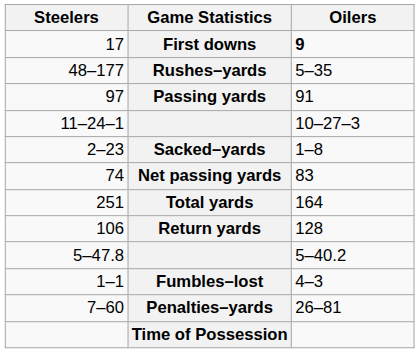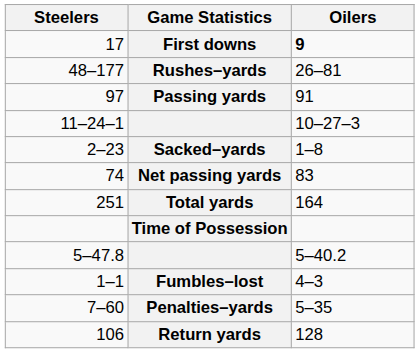 <table class="wikitable" style="margin: 1em auto 1em auto">
 <tr>
 <th style="width:30%;">Steelers</th>
 <th style="width:40%;">Game Statistics</th>
 <th style="width:30%;">Oilers</th>
 </tr>
 <tr>
 <td style="text-align:right;">17</td>
 <th>First downs</th>
 <td><strong>9</strong></td>
 </tr>
 <tr>
 <td style="text-align:right;">48–177</td>
 <th>Rushes–yards</th>
-<td>5–35</td>
+<td>26–81</td>
 </tr>
 <tr>
 <td style="text-align:right;">97</td>
 <th>Passing yards</th>
 <td>91</td>
 </tr>
 <tr>
 <td style="text-align:right;">11–24–1</td>
 <th></th>
 <td>10–27–3</td>
 </tr>
 <tr>
 <td style="text-align:right;">2–23</td>
 <th>Sacked–yards</th>
 <td>1–8</td>
 </tr>
 <tr>
 <td style="text-align:right;">74</td>
 <th>Net passing yards</th>
 <td>83</td>
 </tr>
 <tr>
 <td style="text-align:right;">251</td>
 <th>Total yards</th>
 <td>164</td>
 </tr>
 <tr>
-<td style="text-align:right;">106</td>
-<th>Return yards</th>
-<td>128</td>
+<td style="text-align:right;"></td>
+<th>Time of Possession</th>
+<td></td>
 </tr>
 <tr>
 <td style="text-align:right;">5–47.8</td>
 <th></th>
 <td>5–40.2</td>
 </tr>
 <tr>
 <td style="text-align:right;">1–1</td>
 <th>Fumbles–lost</th>
 <td>4–3</td>
 </tr>
 <tr>
 <td style="text-align:right;">7–60</td>
 <th>Penalties–yards</th>
-<td>26–81</td>
+<td>5–35</td>
 </tr>
 <tr>
-<td style="text-align:right;"></td>
-<th>Time of Possession</th>
-<td></td>
+<td style="text-align:right;">106</td>
+<th>Return yards</th>
+<td>128</td>
 </tr>
 </table>
